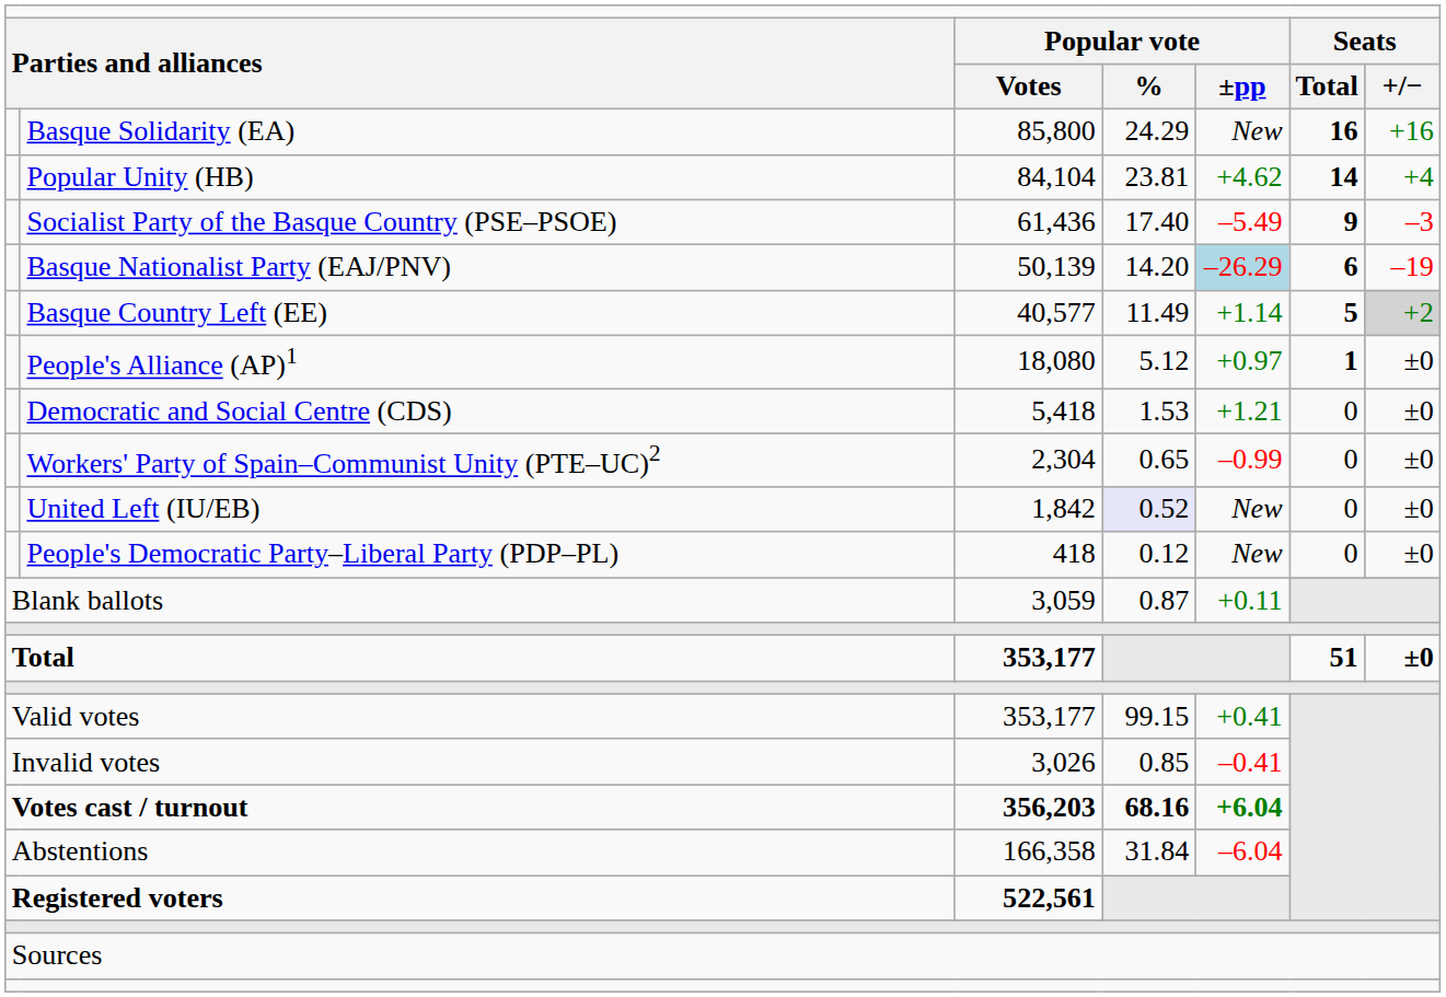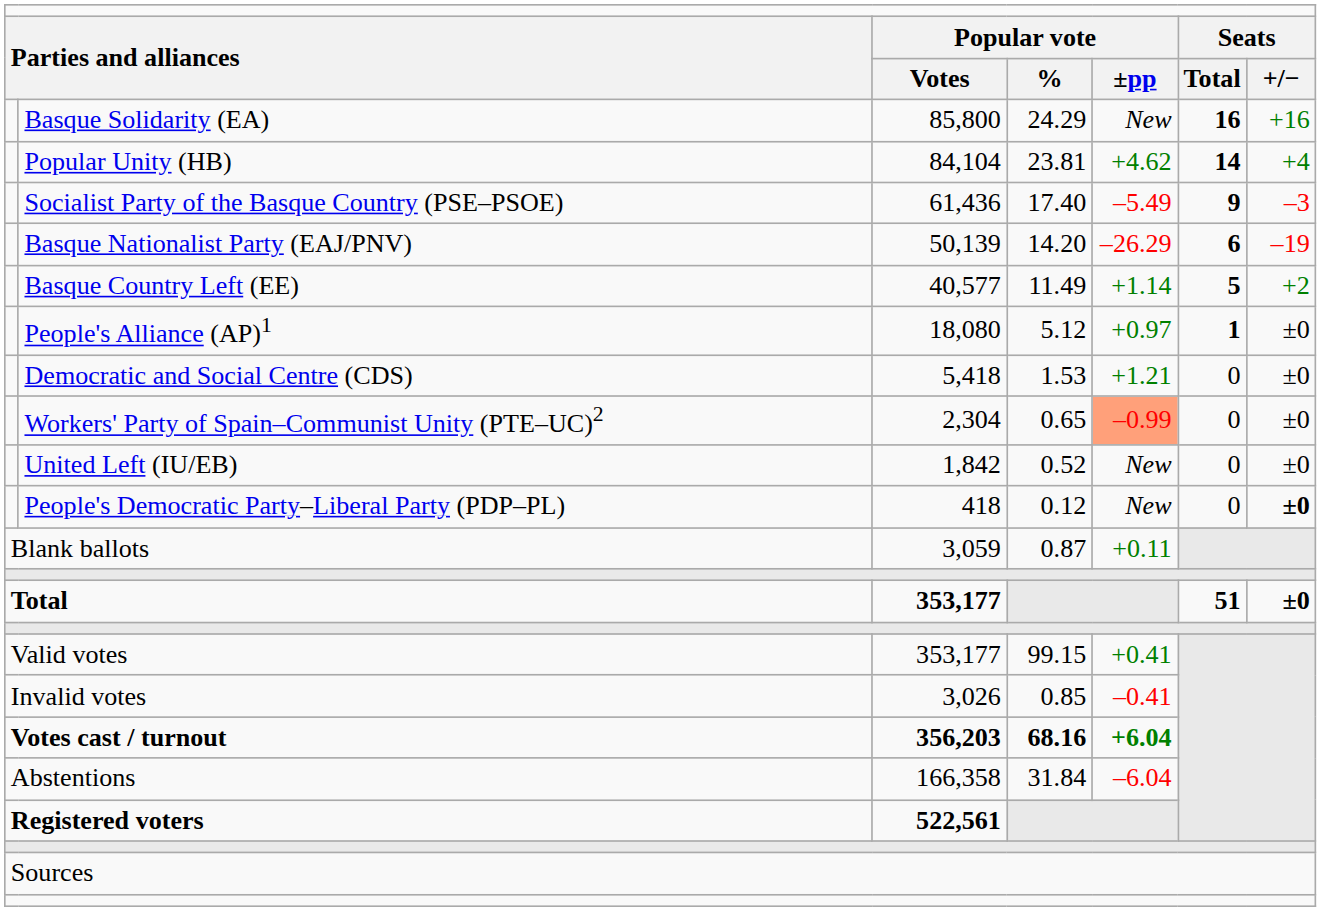 <table class="wikitable" style="text-align:right;">
 <tr>
 <td colspan="7"></td>
 </tr>
 <tr>
 <th style="text-align:left;" rowspan="2" colspan="2" width="525">Parties and alliances</th>
 <th colspan="3">Popular vote</th>
 <th colspan="2">Seats</th>
 </tr>
 <tr>
 <th width="75">Votes</th>
 <th width="45">%</th>
 <th width="45">±<a href='#'>pp</a></th>
 <th width="35">Total</th>
 <th width="35">+/−</th>
 </tr>
 <tr>
 <td width="1" style="color:inherit;background:"></td>
 <td align="left"><a href='#'>Basque Solidarity</a> (EA)</td>
 <td>85,800</td>
 <td>24.29</td>
 <td><em>New</em></td>
 <td><strong>16</strong></td>
 <td style="color:green;">+16</td>
 </tr>
 <tr>
 <td style="color:inherit;background:"></td>
 <td align="left"><a href='#'>Popular Unity</a> (HB)</td>
 <td>84,104</td>
 <td>23.81</td>
 <td style="color:green;">+4.62</td>
 <td><strong>14</strong></td>
 <td style="color:green;">+4</td>
 </tr>
 <tr>
 <td style="color:inherit;background:"></td>
 <td align="left"><a href='#'>Socialist Party of the Basque Country</a> (PSE–PSOE)</td>
 <td>61,436</td>
 <td>17.40</td>
 <td style="color:red;">–5.49</td>
 <td><strong>9</strong></td>
 <td style="color:red;">–3</td>
 </tr>
 <tr>
 <td style="color:inherit;background:"></td>
 <td align="left"><a href='#'>Basque Nationalist Party</a> (EAJ/PNV)</td>
 <td>50,139</td>
 <td>14.20</td>
-<td style="background: lightblue; color:red;">–26.29</td>
+<td style="color:red;">–26.29</td>
 <td><strong>6</strong></td>
 <td style="color:red;">–19</td>
 </tr>
 <tr>
 <td style="color:inherit;background:"></td>
 <td align="left"><a href='#'>Basque Country Left</a> (EE)</td>
 <td>40,577</td>
 <td>11.49</td>
 <td style="color:green;">+1.14</td>
 <td><strong>5</strong></td>
-<td style="background: lightgrey; color:green;">+2</td>
+<td style="color:green;">+2</td>
 </tr>
 <tr>
 <td style="color:inherit;background:"></td>
 <td align="left"><a href='#'>People's Alliance</a> (AP)<sup>1</sup></td>
 <td>18,080</td>
 <td>5.12</td>
 <td style="color:green;">+0.97</td>
 <td><strong>1</strong></td>
 <td>±0</td>
 </tr>
 <tr>
 <td style="color:inherit;background:"></td>
 <td align="left"><a href='#'>Democratic and Social Centre</a> (CDS)</td>
 <td>5,418</td>
 <td>1.53</td>
 <td style="color:green;">+1.21</td>
 <td>0</td>
 <td>±0</td>
 </tr>
 <tr>
 <td style="color:inherit;background:"></td>
 <td align="left"><a href='#'>Workers' Party of Spain–Communist Unity</a> (PTE–UC)<sup>2</sup></td>
 <td>2,304</td>
 <td>0.65</td>
-<td style="color:red;">–0.99</td>
+<td style="background: lightsalmon; color:red;">–0.99</td>
 <td>0</td>
 <td>±0</td>
 </tr>
 <tr>
 <td style="color:inherit;background:"></td>
 <td align="left"><a href='#'>United Left</a> (IU/EB)</td>
 <td>1,842</td>
-<td style="background: lavender;">0.52</td>
+<td>0.52</td>
 <td><em>New</em></td>
 <td>0</td>
 <td>±0</td>
 </tr>
 <tr>
 <td style="color:inherit;background:"></td>
 <td align="left"><a href='#'>People's Democratic Party</a>–<a href='#'>Liberal Party</a> (PDP–PL)</td>
 <td>418</td>
 <td>0.12</td>
 <td><em>New</em></td>
 <td>0</td>
-<td>±0</td>
+<td><strong>±0</strong></td>
 </tr>
 <tr>
 <td align="left" colspan="2">Blank ballots</td>
 <td>3,059</td>
 <td>0.87</td>
 <td style="color:green;">+0.11</td>
 <td bgcolor="#E9E9E9" colspan="2"></td>
 </tr>
 <tr>
 <td colspan="7" bgcolor="#E9E9E9"></td>
 </tr>
 <tr style="font-weight:bold;">
 <td align="left" colspan="2">Total</td>
 <td>353,177</td>
 <td bgcolor="#E9E9E9" colspan="2"></td>
 <td>51</td>
 <td>±0</td>
 </tr>
 <tr>
 <td colspan="7" bgcolor="#E9E9E9"></td>
 </tr>
 <tr>
 <td align="left" colspan="2">Valid votes</td>
 <td>353,177</td>
 <td>99.15</td>
 <td style="color:green;">+0.41</td>
 <td bgcolor="#E9E9E9" colspan="2" rowspan="5"></td>
 </tr>
 <tr>
 <td align="left" colspan="2">Invalid votes</td>
 <td>3,026</td>
 <td>0.85</td>
 <td style="color:red;">–0.41</td>
 </tr>
 <tr style="font-weight:bold;">
 <td align="left" colspan="2">Votes cast / turnout</td>
 <td>356,203</td>
 <td>68.16</td>
 <td style="color:green;">+6.04</td>
 </tr>
 <tr>
 <td align="left" colspan="2">Abstentions</td>
 <td>166,358</td>
 <td>31.84</td>
 <td style="color:red;">–6.04</td>
 </tr>
 <tr style="font-weight:bold;">
 <td align="left" colspan="2">Registered voters</td>
 <td>522,561</td>
 <td bgcolor="#E9E9E9" colspan="2"></td>
 </tr>
 <tr>
 <td colspan="7" bgcolor="#E9E9E9"></td>
 </tr>
 <tr>
 <td align="left" colspan="7">Sources</td>
 </tr>
 <tr>
 <td colspan="7" style="text-align:left; max-width:790px;"></td>
 </tr>
 </table>
